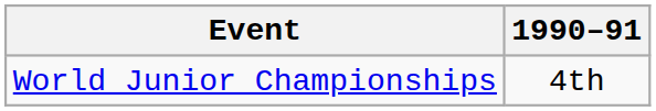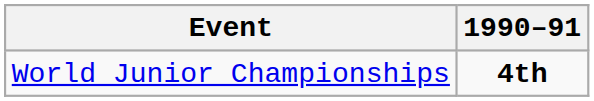 <table class="wikitable" style="text-align:center">
 <tr>
 <th>Event</th>
 <th>1990–91</th>
 </tr>
 <tr>
 <td align=left><a href='#'>World Junior Championships</a></td>
-<td>4th</td>
+<td><strong>4th</strong></td>
 </tr>
 </table>
